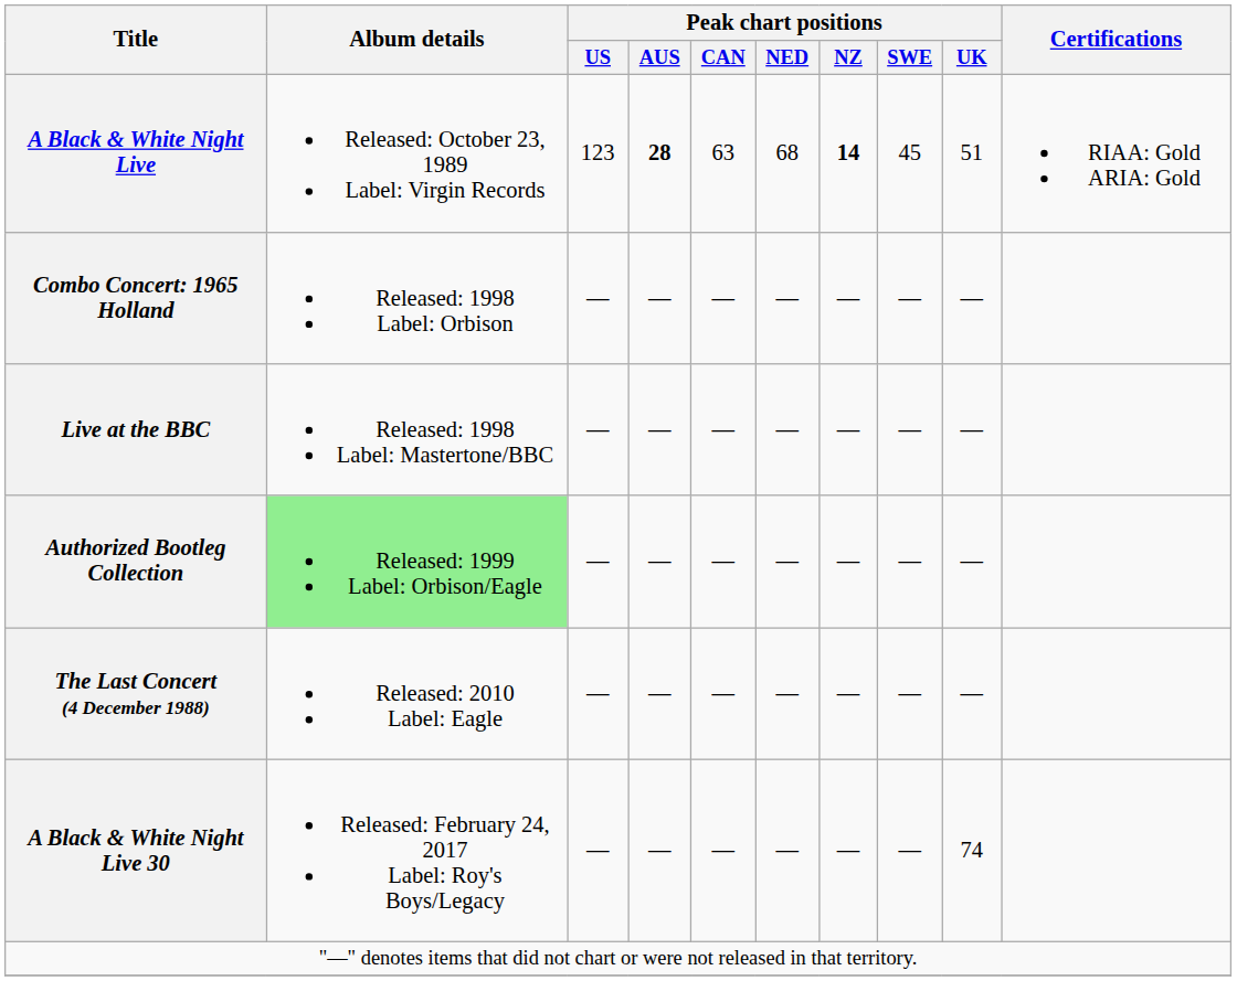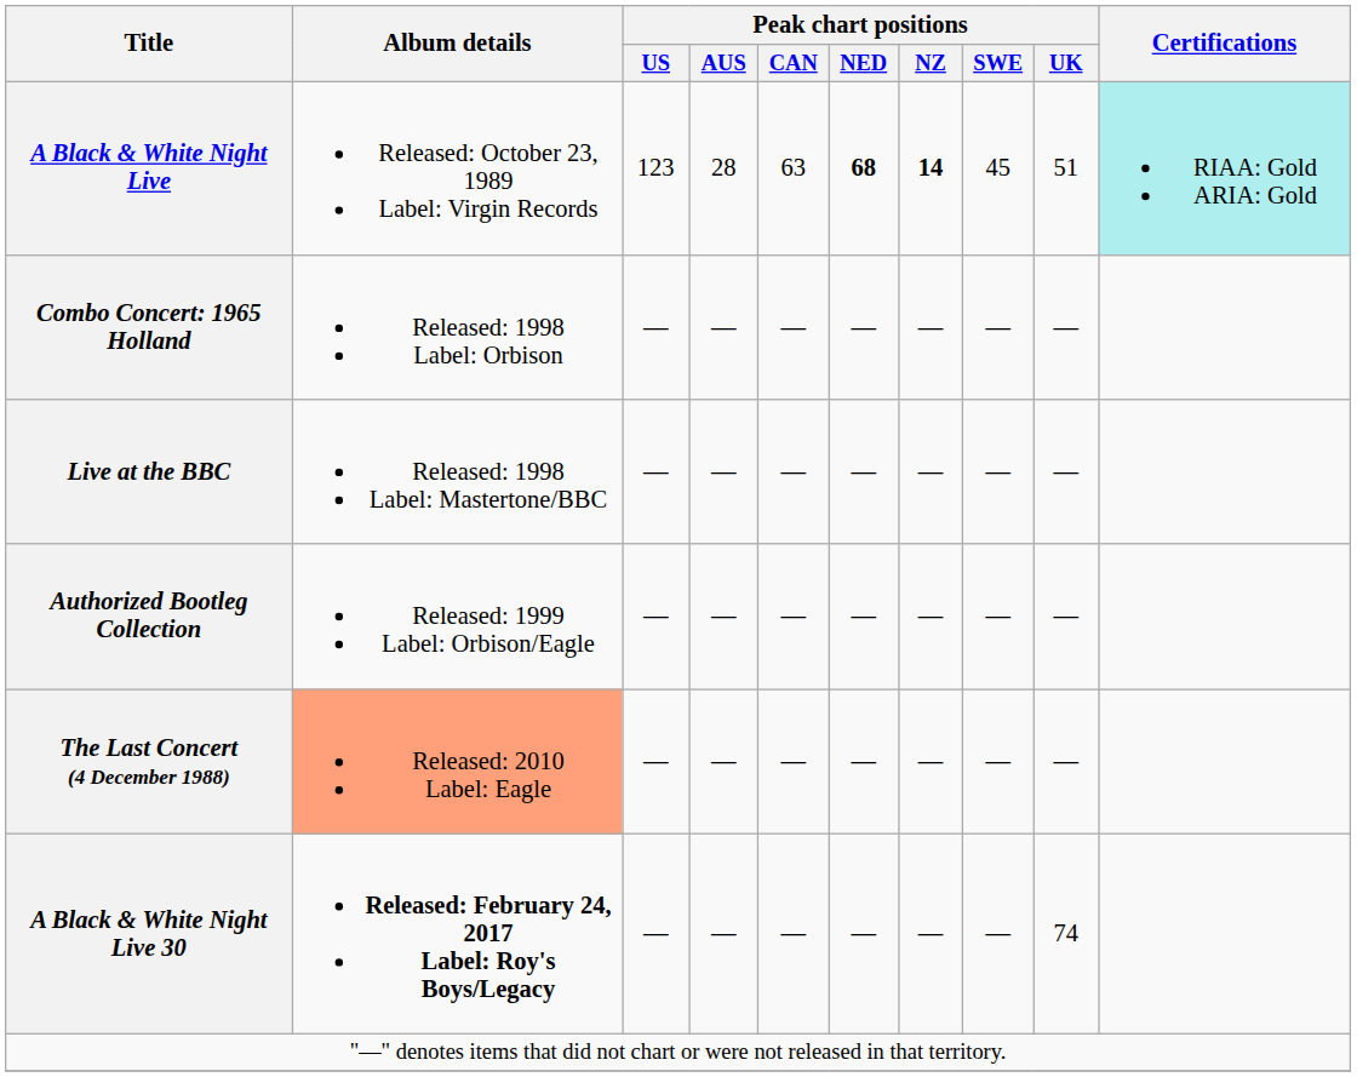 <table class="wikitable plainrowheaders" style="text-align:center;">
 <tr>
 <th scope="col" rowspan="2" style="width:15em;">Title</th>
 <th scope="col" rowspan="2" style="width:15em;">Album details</th>
 <th scope="col" colspan="7">Peak chart positions</th>
 <th rowspan="2" style="width:12em;"><a href='#'>Certifications</a></th>
 </tr>
 <tr>
 <th scope="col" style="width:3em;font-size:90%;"><a href='#'>US</a><br></th>
 <th scope="col" style="width:3em;font-size:90%;"><a href='#'>AUS</a><br></th>
 <th scope="col" style="width:3em;font-size:90%;"><a href='#'>CAN</a><br></th>
 <th scope="col" style="width:3em;font-size:90%;"><a href='#'>NED</a><br></th>
 <th scope="col" style="width:3em;font-size:90%;"><a href='#'>NZ</a><br></th>
 <th scope="col" style="width:3em;font-size:90%;"><a href='#'>SWE</a><br></th>
 <th scope="col" style="width:3em;font-size:90%;"><a href='#'>UK</a><br></th>
 </tr>
 <tr>
 <th scope="row"><em><a href='#'>A Black & White Night Live</a></em></th>
 <td><br><ul><li>Released: October 23, 1989</li><li>Label: Virgin Records</li></ul></td>
 <td>123</td>
-<td><strong>28</strong></td>
+<td>28</td>
 <td>63</td>
-<td>68</td>
+<td><strong>68</strong></td>
 <td><strong>14</strong></td>
 <td>45</td>
 <td>51</td>
-<td><br><ul><li>RIAA: Gold</li><li>ARIA: Gold</li></ul></td>
+<td style="background: paleturquoise;"><br><ul><li>RIAA: Gold</li><li>ARIA: Gold</li></ul></td>
 </tr>
 <tr>
 <th scope="row"><em>Combo Concert: 1965 Holland</em></th>
 <td><br><ul><li>Released: 1998</li><li>Label: Orbison</li></ul></td>
 <td>—</td>
 <td>—</td>
 <td>—</td>
 <td>—</td>
 <td>—</td>
 <td>—</td>
 <td>—</td>
 <td></td>
 </tr>
 <tr>
 <th scope="row"><em>Live at the BBC</em></th>
 <td><br><ul><li>Released: 1998</li><li>Label: Mastertone/BBC</li></ul></td>
 <td>—</td>
 <td>—</td>
 <td>—</td>
 <td>—</td>
 <td>—</td>
 <td>—</td>
 <td>—</td>
 <td></td>
 </tr>
 <tr>
 <th scope="row"><em>Authorized Bootleg Collection</em></th>
-<td style="background: lightgreen;"><br><ul><li>Released: 1999</li><li>Label: Orbison/Eagle</li></ul></td>
+<td><br><ul><li>Released: 1999</li><li>Label: Orbison/Eagle</li></ul></td>
 <td>—</td>
 <td>—</td>
 <td>—</td>
 <td>—</td>
 <td>—</td>
 <td>—</td>
 <td>—</td>
 <td></td>
 </tr>
 <tr>
 <th scope="row"><em>The Last Concert<br><small>(4 December 1988)</small></em></th>
-<td><br><ul><li>Released: 2010</li><li>Label: Eagle</li></ul></td>
+<td style="background: lightsalmon;"><br><ul><li>Released: 2010</li><li>Label: Eagle</li></ul></td>
 <td>—</td>
 <td>—</td>
 <td>—</td>
 <td>—</td>
 <td>—</td>
 <td>—</td>
 <td>—</td>
 <td></td>
 </tr>
 <tr>
 <th scope="row"><em>A Black & White Night Live 30</em> </th>
-<td><br><ul><li>Released: February 24, 2017</li><li>Label: Roy's Boys/Legacy</li></ul></td>
+<td><strong><br><ul><li>Released: February 24, 2017</li><li>Label: Roy's Boys/Legacy</li></ul></strong></td>
 <td>—</td>
 <td>—</td>
 <td>—</td>
 <td>—</td>
 <td>—</td>
 <td>—</td>
 <td>74</td>
 <td></td>
 </tr>
 <tr>
 <td align="center" colspan="15" style="font-size:90%">"—" denotes items that did not chart or were not released in that territory.</td>
 </tr>
 <tr>
 </tr>
 </table>
